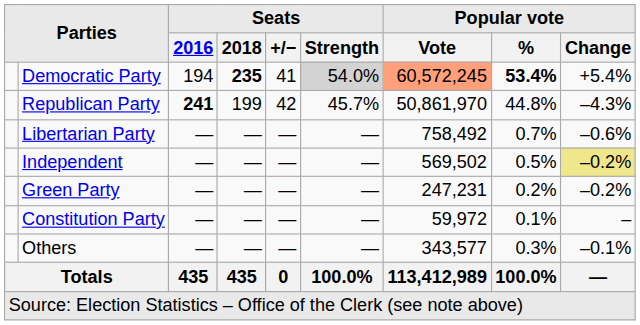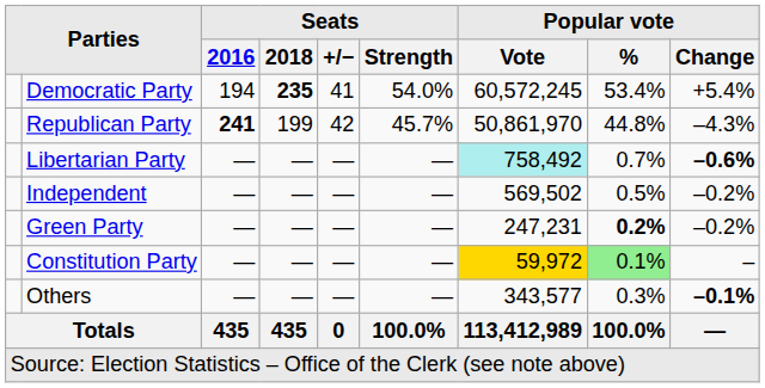 <table class=wikitable>
 <tr>
 <th style="background:#e9e9e9; text-align:center" rowspan="2" colspan="2">Parties</th>
 <th style="background:#e9e9e9; text-align:center" colspan="4">Seats</th>
 <th style="background:#e9e9e9; text-align:center" colspan="3">Popular vote</th>
 </tr>
 <tr style="background:#e9e9e9">
 <th><a href='#'>2016</a></th>
 <th>2018</th>
 <th>+/−</th>
 <th>Strength</th>
 <th>Vote</th>
 <th>%</th>
 <th>Change</th>
 </tr>
 <tr>
 <td style="background-color:"> </td>
 <td><a href='#'>Democratic Party</a></td>
 <td align=right>194</td>
 <td align=right><strong>235</strong></td>
 <td align=right> 41</td>
-<td align=right style="background: lightgrey;">54.0%</td>
-<td align=right style="background: lightsalmon;">60,572,245</td>
-<td align=right><strong>53.4%</strong></td>
+<td align=right>54.0%</td>
+<td align=right>60,572,245</td>
+<td align=right>53.4%</td>
 <td align=right>+5.4%</td>
 </tr>
 <tr>
 <td style="background-color:"> </td>
 <td><a href='#'>Republican Party</a></td>
 <td align=right><strong>241</strong></td>
 <td align=right>199</td>
 <td align=right> 42</td>
 <td align=right>45.7%</td>
 <td align=right>50,861,970</td>
 <td align=right>44.8%</td>
 <td align=right>–4.3%</td>
 </tr>
 <tr>
 <td style="background-color:"> </td>
 <td><a href='#'>Libertarian Party</a></td>
 <td align=right>—</td>
 <td align=right>—</td>
 <td align=right>—</td>
 <td align=right>—</td>
-<td align=right>758,492</td>
+<td align=right style="background: paleturquoise;">758,492</td>
 <td align=right>0.7%</td>
-<td align=right>–0.6%</td>
+<td align=right><strong>–0.6%</strong></td>
 </tr>
 <tr>
 <td style="background-color:"> </td>
 <td><a href='#'>Independent</a></td>
 <td align=right>—</td>
 <td align=right>—</td>
 <td align=right>—</td>
 <td align=right>—</td>
 <td align=right>569,502</td>
 <td align=right>0.5%</td>
-<td align=right style="background: khaki;">–0.2%</td>
+<td align=right>–0.2%</td>
 </tr>
 <tr>
 <td style="background-color:"> </td>
 <td><a href='#'>Green Party</a></td>
 <td align=right>—</td>
 <td align=right>—</td>
 <td align=right>—</td>
 <td align=right>—</td>
 <td align=right>247,231</td>
-<td align=right>0.2%</td>
+<td align=right><strong>0.2%</strong></td>
 <td align=right>–0.2%</td>
 </tr>
 <tr>
 <td style="background-color:"> </td>
 <td><a href='#'>Constitution Party</a></td>
 <td align=right>—</td>
 <td align=right>—</td>
 <td align=right>—</td>
 <td align=right>—</td>
-<td align=right>59,972</td>
-<td align=right>0.1%</td>
+<td align=right style="background: gold;">59,972</td>
+<td align=right style="background: lightgreen;">0.1%</td>
 <td align=right>–</td>
 </tr>
 <tr>
 <td style="background-color:"> </td>
 <td>Others</td>
 <td align="right">—</td>
 <td align="right">—</td>
 <td align="right">—</td>
 <td align="right">—</td>
 <td align="right">343,577</td>
 <td align="right">0.3%</td>
-<td align="right">–0.1%</td>
+<td align="right"><strong>–0.1%</strong></td>
 </tr>
 <tr style="background:#ccc">
 <th colspan=2><strong>Totals</strong></th>
 <th>435</th>
 <th>435</th>
 <th>0</th>
 <th>100.0%</th>
 <th>113,412,989</th>
 <th>100.0%</th>
 <th>—</th>
 </tr>
 <tr bgcolor=E9E9E9>
 <td align="left" colspan=9>Source:  Election Statistics – Office of the Clerk (see note above)</td>
 </tr>
 </table>
